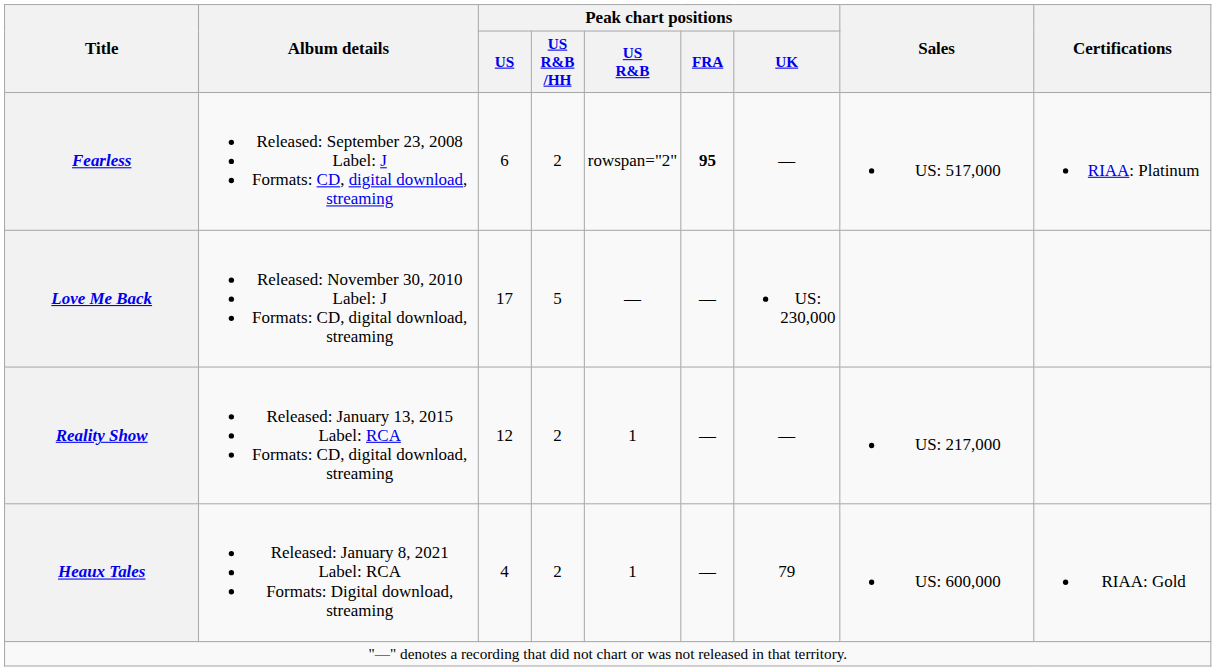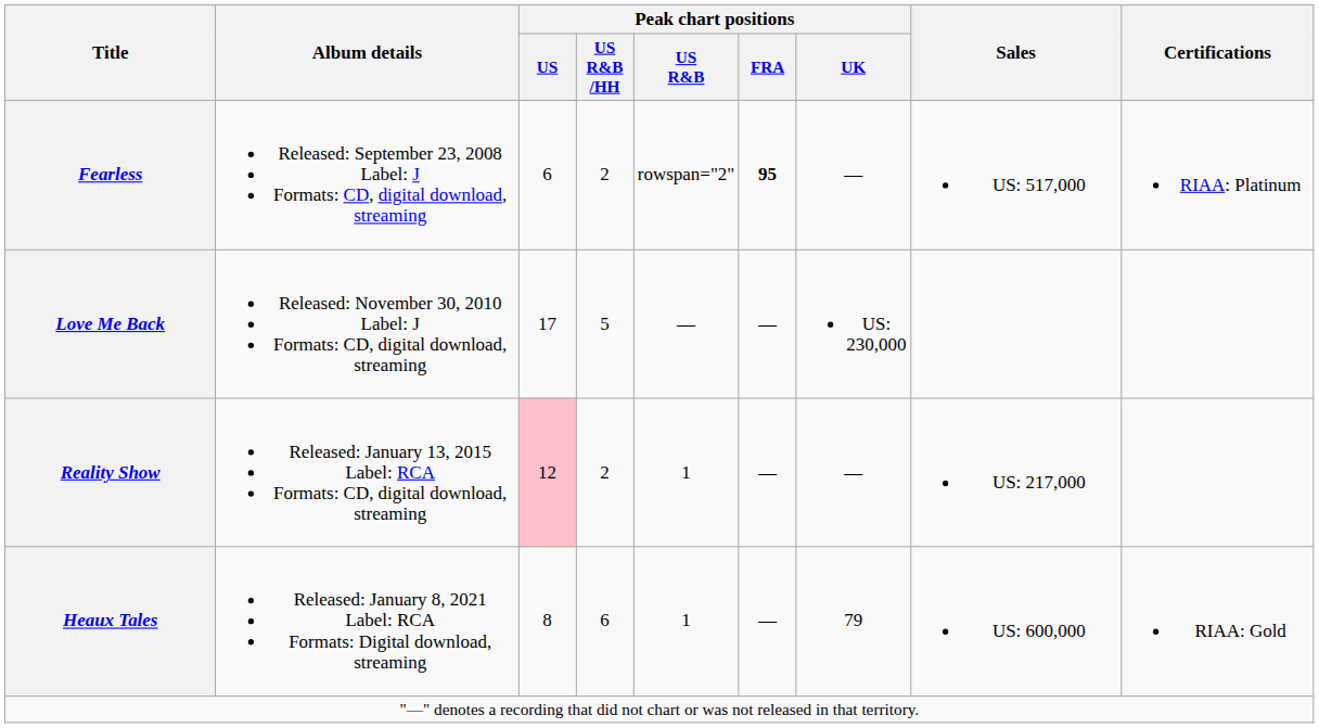 <table class="wikitable plainrowheaders" style="text-align:center;" border="1">
 <tr>
 <th scope="col" rowspan="2" style="width:11em;">Title</th>
 <th scope="col" rowspan="2" style="width:16em;">Album details</th>
 <th scope="col" colspan="5">Peak chart positions</th>
 <th scope="col" rowspan="2" style="width:11em;">Sales</th>
 <th scipe="col" rowspan="2" style="width:10em;">Certifications</th>
 </tr>
 <tr>
 <th style="width:3em;font-size:90%;"><a href='#'>US</a><br></th>
 <th style="width:3em;font-size:90%;"><a href='#'>US<br>R&B<br>/HH</a><br></th>
 <th style="width:3em;font-size:90%;"><a href='#'>US<br>R&B</a><br></th>
 <th style="width:3em;font-size:90%;"><a href='#'>FRA</a><br></th>
 <th style="width:3em;font-size:90%;"><a href='#'>UK</a><br></th>
 </tr>
 <tr>
 <th scope="row"><em><a href='#'>Fearless</a></em></th>
 <td><br><ul><li>Released: September 23, 2008</li><li>Label: <a href='#'>J</a></li><li>Formats: <a href='#'>CD</a>, <a href='#'>digital download</a>, <a href='#'>streaming</a></li></ul></td>
 <td>6</td>
 <td>2</td>
 <td>rowspan="2" </td>
 <td><strong>95</strong></td>
 <td>—</td>
 <td><br><ul><li>US: 517,000</li></ul></td>
 <td><br><ul><li><a href='#'>RIAA</a>: Platinum</li></ul></td>
 </tr>
 <tr>
 <th scope="row"><em><a href='#'>Love Me Back</a></em></th>
 <td><br><ul><li>Released: November 30, 2010</li><li>Label: J</li><li>Formats: CD, digital download, streaming</li></ul></td>
 <td>17</td>
 <td>5</td>
 <td>—</td>
 <td>—</td>
 <td><br><ul><li>US: 230,000</li></ul></td>
 <td></td>
 </tr>
 <tr>
 <th scope="row"><em><a href='#'>Reality Show</a></em></th>
 <td><br><ul><li>Released: January 13, 2015</li><li>Label: <a href='#'>RCA</a></li><li>Formats: CD, digital download, streaming</li></ul></td>
-<td>12</td>
+<td style="background: pink;">12</td>
 <td>2</td>
 <td>1</td>
 <td>—</td>
 <td>—</td>
 <td><br><ul><li>US: 217,000</li></ul></td>
 <td></td>
 </tr>
 <tr>
 <th scope="row"><em><a href='#'>Heaux Tales</a></em></th>
 <td><br><ul><li>Released: January 8, 2021</li><li>Label: RCA</li><li>Formats: Digital download, streaming</li></ul></td>
-<td>4</td>
-<td>2</td>
+<td>8</td>
+<td>6</td>
 <td>1</td>
 <td>—</td>
 <td>79</td>
 <td><br><ul><li>US: 600,000</li></ul></td>
 <td><br><ul><li>RIAA: Gold</li></ul></td>
 </tr>
 <tr>
 <td colspan="12" style="font-size:90%">"—" denotes a recording that did not chart or was not released in that territory.</td>
 </tr>
 </table>
